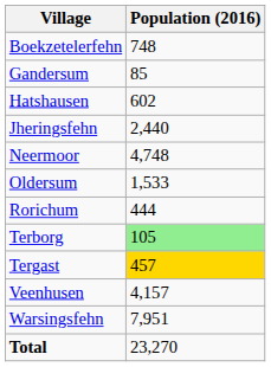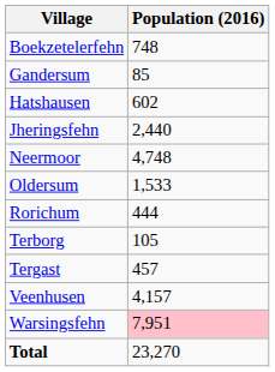 <table class="wikitable">
 <tr>
 <th>Village</th>
 <th>Population (2016)</th>
 </tr>
 <tr>
 <td><a href='#'>Boekzetelerfehn</a></td>
 <td>748</td>
 </tr>
 <tr>
 <td><a href='#'>Gandersum</a></td>
 <td>85</td>
 </tr>
 <tr>
 <td><a href='#'>Hatshausen</a></td>
 <td>602</td>
 </tr>
 <tr>
 <td><a href='#'>Jheringsfehn</a></td>
 <td>2,440</td>
 </tr>
 <tr>
 <td><a href='#'>Neermoor</a></td>
 <td>4,748</td>
 </tr>
 <tr>
 <td><a href='#'>Oldersum</a></td>
 <td>1,533</td>
 </tr>
 <tr>
 <td><a href='#'>Rorichum</a></td>
 <td>444</td>
 </tr>
 <tr>
 <td><a href='#'>Terborg</a></td>
-<td style="background: lightgreen;">105</td>
+<td>105</td>
 </tr>
 <tr>
 <td><a href='#'>Tergast</a></td>
-<td style="background: gold;">457</td>
+<td>457</td>
 </tr>
 <tr>
 <td><a href='#'>Veenhusen</a></td>
 <td>4,157</td>
 </tr>
 <tr>
 <td><a href='#'>Warsingsfehn</a></td>
-<td>7,951</td>
+<td style="background: pink;">7,951</td>
 </tr>
 <tr>
 <td><strong>Total</strong></td>
 <td>23,270</td>
 </tr>
 </table>
